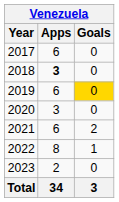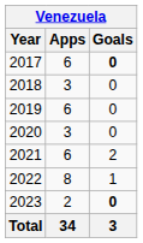 <table class="wikitable" style="text-align:center">
 <tr>
 <th colspan=3><a href='#'>Venezuela</a></th>
 </tr>
 <tr>
 <th>Year</th>
 <th>Apps</th>
 <th>Goals</th>
 </tr>
 <tr>
 <td>2017</td>
 <td>6</td>
-<td>0</td>
+<td><strong>0</strong></td>
 </tr>
 <tr>
 <td>2018</td>
-<td><strong>3</strong></td>
+<td>3</td>
 <td>0</td>
 </tr>
 <tr>
 <td>2019</td>
 <td>6</td>
-<td style="background: gold;">0</td>
+<td>0</td>
 </tr>
 <tr>
 <td>2020</td>
 <td>3</td>
 <td>0</td>
 </tr>
 <tr>
 <td>2021</td>
 <td>6</td>
 <td>2</td>
 </tr>
 <tr>
 <td>2022</td>
 <td>8</td>
 <td>1</td>
 </tr>
 <tr>
 <td>2023</td>
 <td>2</td>
-<td>0</td>
+<td><strong>0</strong></td>
 </tr>
 <tr>
 <th>Total</th>
 <th>34</th>
 <th>3</th>
 </tr>
 </table>
